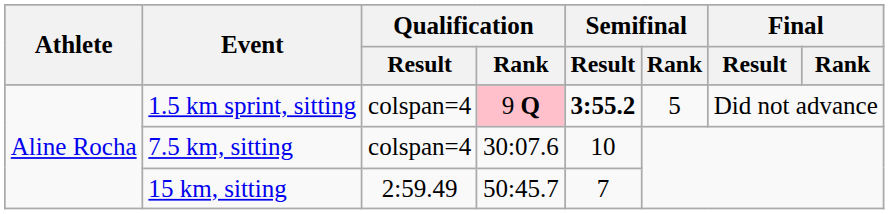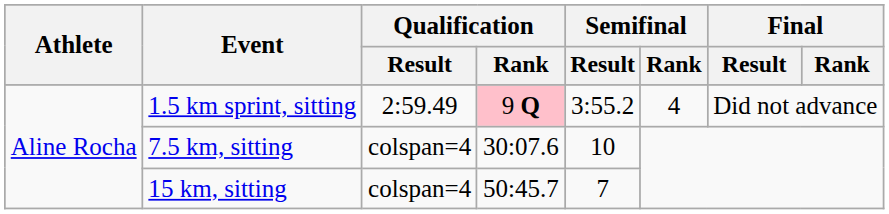 <table class="wikitable" style="font-size:90%">
 <tr>
 <th rowspan=2>Athlete</th>
 <th rowspan=2>Event</th>
 <th colspan=2>Qualification</th>
 <th colspan=2>Semifinal</th>
 <th colspan=2>Final</th>
 </tr>
 <tr style="font-size:95%">
 <th>Result</th>
 <th>Rank</th>
 <th>Result</th>
 <th>Rank</th>
 <th>Result</th>
 <th>Rank</th>
 </tr>
 <tr align=center>
 <td align=left rowspan=3><a href='#'>Aline Rocha</a></td>
 <td align=left><a href='#'>1.5 km sprint, sitting</a></td>
-<td>colspan=4 </td>
+<td>2:59.49</td>
 <td style="background: pink;">9 <strong>Q</strong></td>
-<td><strong>3:55.2</strong></td>
-<td>5</td>
+<td>3:55.2</td>
+<td>4</td>
 <td colspan=2>Did not advance</td>
 </tr>
 <tr align=center>
 <td align=left><a href='#'>7.5 km, sitting</a></td>
 <td>colspan=4 </td>
 <td>30:07.6</td>
 <td>10</td>
 </tr>
 <tr align=center>
 <td align=left><a href='#'>15 km, sitting</a></td>
-<td>2:59.49</td>
+<td>colspan=4 </td>
 <td>50:45.7</td>
 <td>7</td>
 </tr>
 </table>
